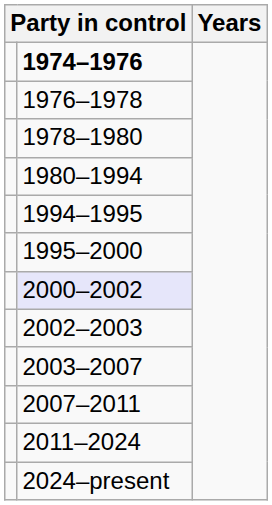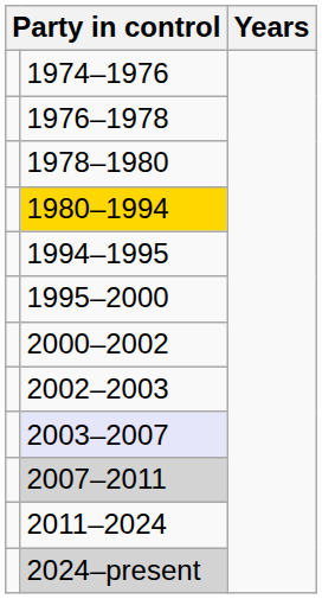 <table class="wikitable">
 <tr>
 <th colspan=2>Party in control</th>
 <th>Years</th>
 </tr>
 <tr>
 <td></td>
-<td><strong>1974–1976</strong></td>
+<td>1974–1976</td>
 </tr>
 <tr>
 <td></td>
 <td>1976–1978</td>
 </tr>
 <tr>
 <td></td>
 <td>1978–1980</td>
 </tr>
 <tr>
 <td></td>
-<td>1980–1994</td>
+<td style="background: gold;">1980–1994</td>
 </tr>
 <tr>
 <td></td>
 <td>1994–1995</td>
 </tr>
 <tr>
 <td></td>
 <td>1995–2000</td>
 </tr>
 <tr>
 <td></td>
-<td style="background: lavender;">2000–2002</td>
+<td>2000–2002</td>
 </tr>
 <tr>
 <td></td>
 <td>2002–2003</td>
 </tr>
 <tr>
 <td></td>
-<td>2003–2007</td>
+<td style="background: lavender;">2003–2007</td>
 </tr>
 <tr>
 <td></td>
-<td>2007–2011</td>
+<td style="background: lightgrey;">2007–2011</td>
 </tr>
 <tr>
 <td></td>
 <td>2011–2024</td>
 </tr>
 <tr>
 <td></td>
-<td>2024–present</td>
+<td style="background: lightgrey;">2024–present</td>
 </tr>
 </table>
